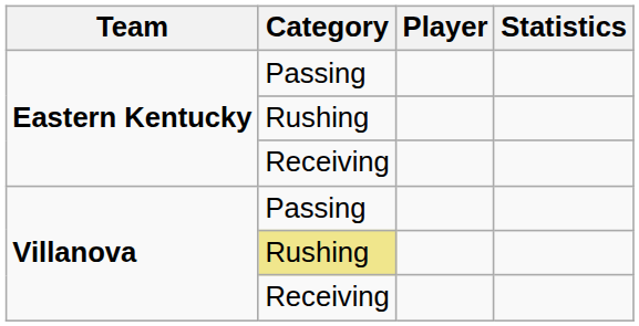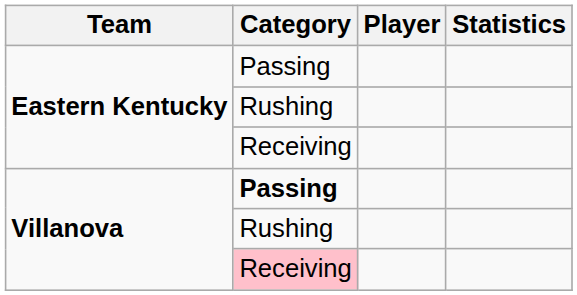 <table class="wikitable" style="float: right;">
 <tr>
 <th>Team</th>
 <th>Category</th>
 <th>Player</th>
 <th>Statistics</th>
 </tr>
 <tr>
 <td rowspan=3><strong>Eastern Kentucky</strong></td>
 <td>Passing</td>
 <td></td>
 <td></td>
 </tr>
 <tr>
 <td>Rushing</td>
 <td></td>
 <td></td>
 </tr>
 <tr>
 <td>Receiving</td>
 <td></td>
 <td></td>
 </tr>
 <tr>
 <td rowspan=3><strong>Villanova</strong></td>
-<td>Passing</td>
+<td><strong>Passing</strong></td>
 <td></td>
 <td></td>
 </tr>
 <tr>
-<td style="background: khaki;">Rushing</td>
+<td>Rushing</td>
 <td></td>
 <td></td>
 </tr>
 <tr>
-<td>Receiving</td>
+<td style="background: pink;">Receiving</td>
 <td></td>
 <td></td>
 </tr>
 </table>
